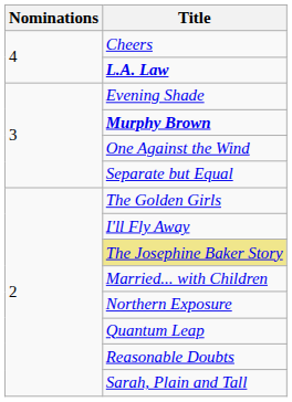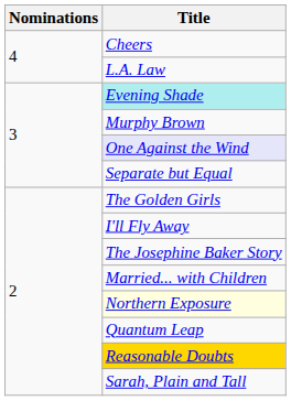 <table class="wikitable">
 <tr>
 <th>Nominations</th>
 <th>Title</th>
 </tr>
 <tr>
 <td rowspan="2">4</td>
 <td><em><a href='#'>Cheers</a></em></td>
 </tr>
 <tr>
-<td><strong><em><a href='#'>L.A. Law</a></em></strong></td>
+<td><em><a href='#'>L.A. Law</a></em></td>
 </tr>
 <tr>
 <td rowspan="4">3</td>
-<td><em><a href='#'>Evening Shade</a></em></td>
+<td style="background: paleturquoise;"><em><a href='#'>Evening Shade</a></em></td>
 </tr>
 <tr>
-<td><strong><em><a href='#'>Murphy Brown</a></em></strong></td>
+<td><em><a href='#'>Murphy Brown</a></em></td>
 </tr>
 <tr>
-<td><em><a href='#'>One Against the Wind</a></em></td>
+<td style="background: lavender;"><em><a href='#'>One Against the Wind</a></em></td>
 </tr>
 <tr>
 <td><em><a href='#'>Separate but Equal</a></em></td>
 </tr>
 <tr>
 <td rowspan="8">2</td>
 <td><em><a href='#'>The Golden Girls</a></em></td>
 </tr>
 <tr>
 <td><em><a href='#'>I'll Fly Away</a></em></td>
 </tr>
 <tr>
-<td style="background: khaki;"><em><a href='#'>The Josephine Baker Story</a></em></td>
+<td><em><a href='#'>The Josephine Baker Story</a></em></td>
 </tr>
 <tr>
 <td><em><a href='#'>Married... with Children</a></em></td>
 </tr>
 <tr>
-<td><em><a href='#'>Northern Exposure</a></em></td>
+<td style="background: lightyellow;"><em><a href='#'>Northern Exposure</a></em></td>
 </tr>
 <tr>
 <td><em><a href='#'>Quantum Leap</a></em></td>
 </tr>
 <tr>
-<td><em><a href='#'>Reasonable Doubts</a></em></td>
+<td style="background: gold;"><em><a href='#'>Reasonable Doubts</a></em></td>
 </tr>
 <tr>
 <td><em><a href='#'>Sarah, Plain and Tall</a></em></td>
 </tr>
 </table>
